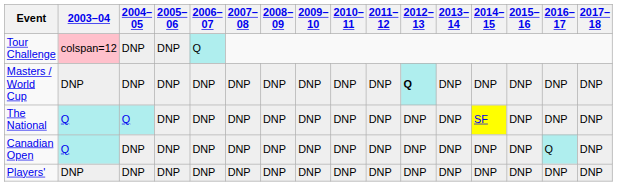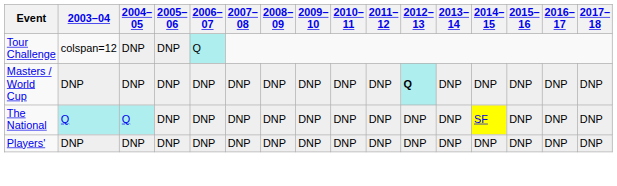 <table class="wikitable">
 <tr>
 <th>Event</th>
 <th><a href='#'>2003–04</a></th>
 <th><a href='#'>2004–05</a></th>
 <th><a href='#'>2005–06</a></th>
 <th><a href='#'>2006–07</a></th>
 <th><a href='#'>2007–08</a></th>
 <th><a href='#'>2008–09</a></th>
 <th><a href='#'>2009–10</a></th>
 <th><a href='#'>2010–11</a></th>
 <th><a href='#'>2011–12</a></th>
 <th><a href='#'>2012–13</a></th>
 <th><a href='#'>2013–14</a></th>
 <th><a href='#'>2014–15</a></th>
 <th><a href='#'>2015–16</a></th>
 <th><a href='#'>2016–17</a></th>
 <th><a href='#'>2017–18</a></th>
 </tr>
 <tr>
 <td><a href='#'>Tour Challenge</a></td>
-<td style="background: pink;">colspan=12 </td>
+<td>colspan=12 </td>
 <td style="background:#EFEFEF;">DNP</td>
 <td style="background:#EFEFEF;">DNP</td>
 <td style="background:#afeeee;">Q</td>
 </tr>
 <tr>
 <td><a href='#'>Masters / World Cup</a></td>
 <td style="background:#EFEFEF;">DNP</td>
 <td style="background:#EFEFEF;">DNP</td>
 <td style="background:#EFEFEF;">DNP</td>
 <td style="background:#EFEFEF;">DNP</td>
 <td style="background:#EFEFEF;">DNP</td>
 <td style="background:#EFEFEF;">DNP</td>
 <td style="background:#EFEFEF;">DNP</td>
 <td style="background:#EFEFEF;">DNP</td>
 <td style="background:#EFEFEF;">DNP</td>
 <td style="background:#afeeee;"><strong>Q</strong></td>
 <td style="background:#EFEFEF;">DNP</td>
 <td style="background:#EFEFEF;">DNP</td>
 <td style="background:#EFEFEF;">DNP</td>
 <td style="background:#EFEFEF;">DNP</td>
 <td style="background:#EFEFEF;">DNP</td>
 </tr>
 <tr>
 <td><a href='#'>The National</a></td>
 <td style="background:#afeeee;"><a href='#'>Q</a></td>
 <td style="background:#afeeee;"><a href='#'>Q</a></td>
 <td style="background:#EFEFEF;">DNP</td>
 <td style="background:#EFEFEF;">DNP</td>
 <td style="background:#EFEFEF;">DNP</td>
 <td style="background:#EFEFEF;">DNP</td>
 <td style="background:#EFEFEF;">DNP</td>
 <td style="background:#EFEFEF;">DNP</td>
 <td style="background:#EFEFEF;">DNP</td>
 <td style="background:#EFEFEF;">DNP</td>
 <td style="background:#EFEFEF;">DNP</td>
 <td style="background:yellow;"><a href='#'>SF</a></td>
 <td style="background:#EFEFEF;">DNP</td>
 <td style="background:#EFEFEF;">DNP</td>
 <td style="background:#EFEFEF;">DNP</td>
 </tr>
 <tr>
-<td><a href='#'>Canadian Open</a></td>
-<td style="background:#afeeee;"><a href='#'>Q</a></td>
-<td style="background:#EFEFEF;">DNP</td>
-<td style="background:#EFEFEF;">DNP</td>
-<td style="background:#EFEFEF;">DNP</td>
-<td style="background:#EFEFEF;">DNP</td>
-<td style="background:#EFEFEF;">DNP</td>
-<td style="background:#EFEFEF;">DNP</td>
-<td style="background:#EFEFEF;">DNP</td>
-<td style="background:#EFEFEF;">DNP</td>
-<td style="background:#EFEFEF;">DNP</td>
-<td style="background:#EFEFEF;">DNP</td>
-<td style="background:#EFEFEF;">DNP</td>
-<td style="background:#EFEFEF;">DNP</td>
-<td style="background:#afeeee;">Q</td>
-<td style="background:#EFEFEF;">DNP</td>
-</tr>
-<tr>
 <td><a href='#'>Players'</a></td>
 <td style="background:#EFEFEF;">DNP</td>
 <td style="background:#EFEFEF;">DNP</td>
 <td style="background:#EFEFEF;">DNP</td>
 <td style="background:#EFEFEF;">DNP</td>
 <td style="background:#EFEFEF;">DNP</td>
 <td style="background:#EFEFEF;">DNP</td>
 <td style="background:#EFEFEF;">DNP</td>
 <td style="background:#EFEFEF;">DNP</td>
 <td style="background:#EFEFEF;">DNP</td>
 <td style="background:#EFEFEF;">DNP</td>
 <td style="background:#EFEFEF;">DNP</td>
 <td style="background:#EFEFEF;">DNP</td>
 <td style="background:#EFEFEF;">DNP</td>
 <td style="background:#EFEFEF;">DNP</td>
 <td style="background:#EFEFEF;">DNP</td>
 </tr>
 </table>
